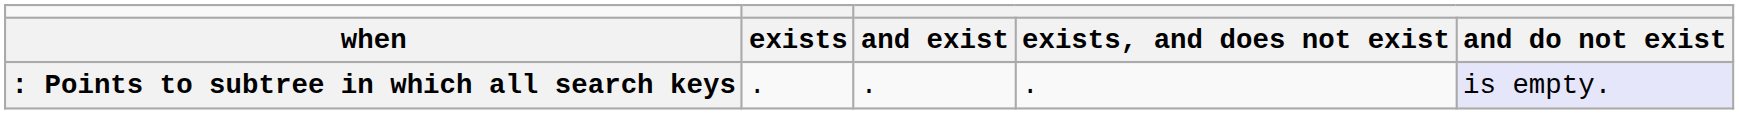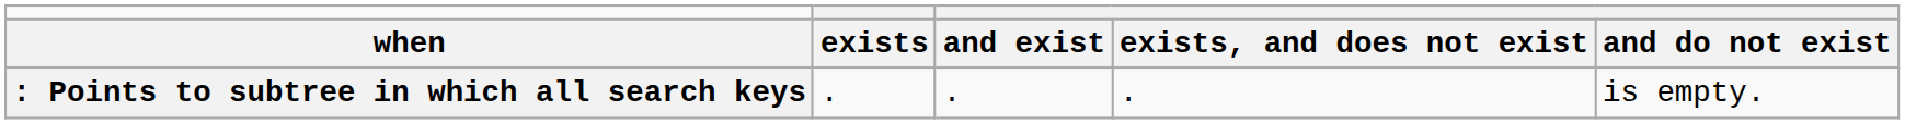 <table class="wikitable">
 <tr>
 <td></td>
 <th></th>
 <th colspan="3"></th>
 </tr>
 <tr>
 <th>when</th>
 <th> exists</th>
 <th> and  exist</th>
 <th> exists, and  does not exist</th>
 <th> and  do not exist</th>
 </tr>
 <tr>
 <th>: Points to subtree in which all search keys</th>
 <td>.</td>
 <td>.</td>
 <td>.</td>
-<td style="background: lavender;"> is empty.</td>
+<td> is empty.</td>
 </tr>
 </table>
